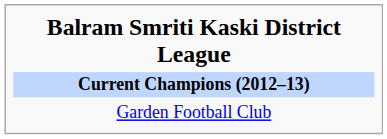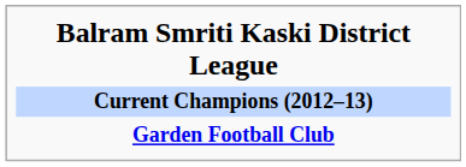 <table class="infobox football" style="width: 16em; text-align: center;">
 <tr>
 <th style="font-size: 16px;">Balram Smriti Kaski District League</th>
 </tr>
 <tr>
 <td style="font-size: 12px; background: #BFD7FF;"><strong>Current Champions (2012–13)</strong></td>
 </tr>
 <tr>
-<td style="font-size: 12px;"><a href='#'>Garden Football Club</a></td>
+<td style="font-size: 12px;"><strong><a href='#'>Garden Football Club</a></strong></td>
 </tr>
 </table>
